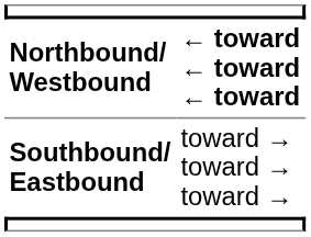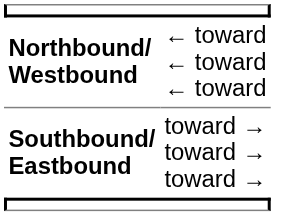 <table border="0" cellspacing="0" cellpadding="3">
 <tr>
 <td colspan="2" style="border-top:solid 1px gray;border-right:solid 2px black;border-left:solid 2px black;border-bottom:solid 2px black;text-align:center"></td>
 </tr>
 <tr>
 <td><strong>Northbound/<br>Westbound</strong></td>
-<td><strong>←  toward  <br>←  toward  <br>←  toward  <br></strong></td>
+<td>←  toward  <br>←  toward  <br>←  toward  <br></td>
 </tr>
 <tr>
 <td style="border-top:solid 1px gray"><strong>Southbound/<br>Eastbound</strong></td>
 <td style="border-top:solid 1px gray">  toward   →<br>  toward   →<br>  toward   →</td>
 </tr>
 <tr>
 <td colspan="2" style="border-top:solid 2px black;border-right:solid 2px black;border-left:solid 2px black;border-bottom:solid 1px gray;text-align:center"></td>
 </tr>
 </table>
